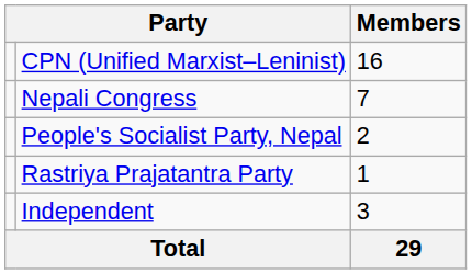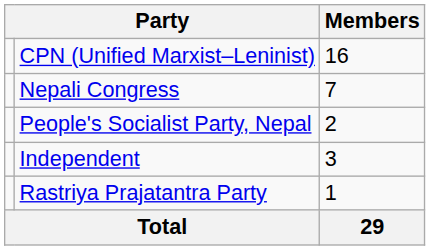 <table class="wikitable">
 <tr>
 <th colspan="2">Party</th>
 <th>Members</th>
 </tr>
 <tr>
 <td style="background-color:"><br></td>
 <td><a href='#'>CPN (Unified Marxist–Leninist)</a></td>
 <td>16</td>
 </tr>
 <tr>
 <td style="background-color:"><br></td>
 <td><a href='#'>Nepali Congress</a></td>
 <td>7</td>
 </tr>
 <tr>
 <td style="background-color:"><br></td>
 <td><a href='#'>People's Socialist Party, Nepal</a></td>
 <td>2</td>
 </tr>
 <tr>
 <td style="background-color:"><br></td>
-<td><a href='#'>Rastriya Prajatantra Party</a></td>
-<td>1</td>
+<td><a href='#'>Independent</a></td>
+<td>3</td>
 </tr>
 <tr>
 <td style="background-color:"><br></td>
-<td><a href='#'>Independent</a></td>
-<td>3</td>
+<td><a href='#'>Rastriya Prajatantra Party</a></td>
+<td>1</td>
 </tr>
 <tr>
 <th colspan="2">Total</th>
 <th>29</th>
 </tr>
 </table>
